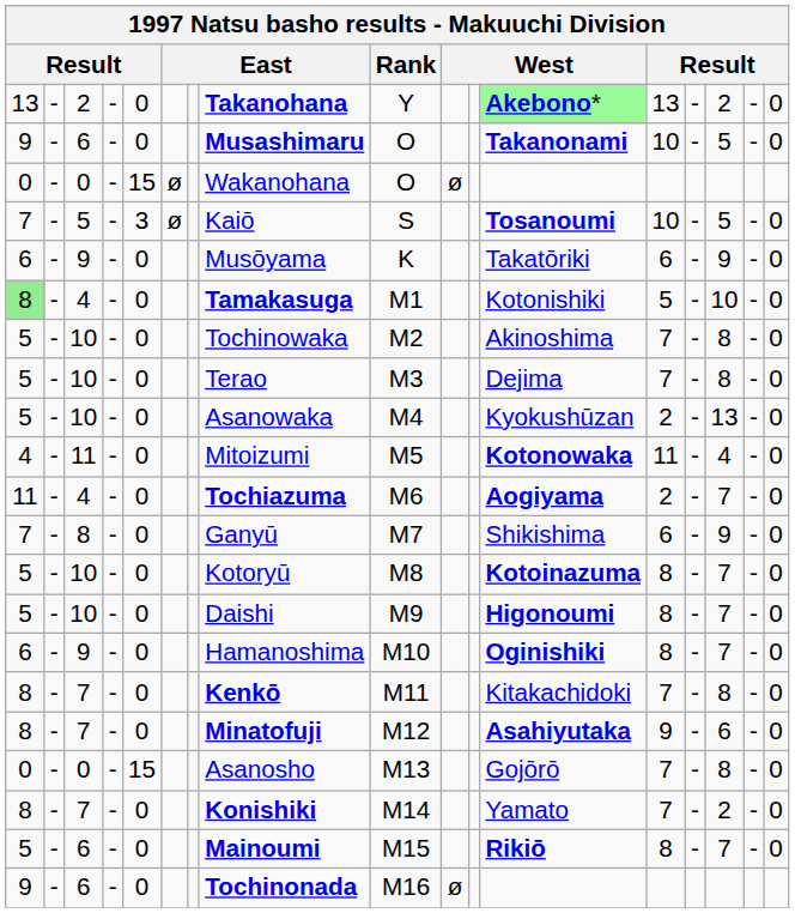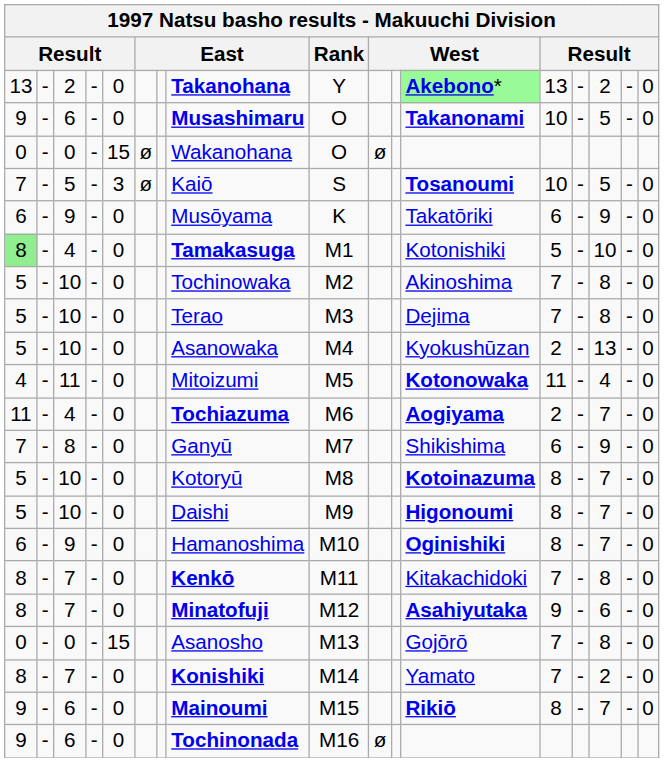 <table class="wikitable">
 <tr>
 <th colspan="17">1997 Natsu basho results - Makuuchi Division</th>
 </tr>
 <tr>
 <th colspan="5">Result</th>
 <th colspan="3">East</th>
 <th>Rank</th>
 <th colspan="3">West</th>
 <th colspan="5">Result</th>
 </tr>
 <tr>
 <td align=center>13</td>
 <td align=center>-</td>
 <td align=center>2</td>
 <td align=center>-</td>
 <td align=center>0</td>
 <td align=center></td>
 <td align=center></td>
 <td><strong><a href='#'>Takanohana</a></strong></td>
 <td align=center>Y</td>
 <td align=center></td>
 <td align=center></td>
 <td style="background: PaleGreen;"><strong><a href='#'>Akebono</a></strong>*</td>
 <td align=center>13</td>
 <td align=center>-</td>
 <td align=center>2</td>
 <td align=center>-</td>
 <td align=center>0</td>
 </tr>
 <tr>
 <td align=center>9</td>
 <td align=center>-</td>
 <td align=center>6</td>
 <td align=center>-</td>
 <td align=center>0</td>
 <td align=center></td>
 <td align=center></td>
 <td><strong><a href='#'>Musashimaru</a></strong></td>
 <td align=center>O</td>
 <td align=center></td>
 <td align=center></td>
 <td><strong><a href='#'>Takanonami</a></strong></td>
 <td align=center>10</td>
 <td align=center>-</td>
 <td align=center>5</td>
 <td align=center>-</td>
 <td align=center>0</td>
 </tr>
 <tr>
 <td align=center>0</td>
 <td align=center>-</td>
 <td align=center>0</td>
 <td align=center>-</td>
 <td align=center>15</td>
 <td align=center>ø</td>
 <td align=center></td>
 <td><a href='#'>Wakanohana</a></td>
 <td align=center>O</td>
 <td align=center>ø</td>
 <td align=center></td>
 <td></td>
 <td align=center></td>
 <td align=center></td>
 <td align=center></td>
 <td align=center></td>
 <td align=center></td>
 </tr>
 <tr>
 <td align=center>7</td>
 <td align=center>-</td>
 <td align=center>5</td>
 <td align=center>-</td>
 <td align=center>3</td>
 <td align=center>ø</td>
 <td align=center></td>
 <td><a href='#'>Kaiō</a></td>
 <td align=center>S</td>
 <td align=center></td>
 <td align=center></td>
 <td><strong><a href='#'>Tosanoumi</a></strong></td>
 <td align=center>10</td>
 <td align=center>-</td>
 <td align=center>5</td>
 <td align=center>-</td>
 <td align=center>0</td>
 </tr>
 <tr>
 <td align=center>6</td>
 <td align=center>-</td>
 <td align=center>9</td>
 <td align=center>-</td>
 <td align=center>0</td>
 <td align=center></td>
 <td align=center></td>
 <td><a href='#'>Musōyama</a></td>
 <td align=center>K</td>
 <td align=center></td>
 <td align=center></td>
 <td><a href='#'>Takatōriki</a></td>
 <td align=center>6</td>
 <td align=center>-</td>
 <td align=center>9</td>
 <td align=center>-</td>
 <td align=center>0</td>
 </tr>
 <tr>
 <td align=center style="background: lightgreen;">8</td>
 <td align=center>-</td>
 <td align=center>4</td>
 <td align=center>-</td>
 <td align=center>0</td>
 <td align=center></td>
 <td align=center></td>
 <td><strong><a href='#'>Tamakasuga</a></strong></td>
 <td align=center>M1</td>
 <td align=center></td>
 <td align=center></td>
 <td><a href='#'>Kotonishiki</a></td>
 <td align=center>5</td>
 <td align=center>-</td>
 <td align=center>10</td>
 <td align=center>-</td>
 <td align=center>0</td>
 </tr>
 <tr>
 <td align=center>5</td>
 <td align=center>-</td>
 <td align=center>10</td>
 <td align=center>-</td>
 <td align=center>0</td>
 <td align=center></td>
 <td align=center></td>
 <td><a href='#'>Tochinowaka</a></td>
 <td align=center>M2</td>
 <td align=center></td>
 <td align=center></td>
 <td><a href='#'>Akinoshima</a></td>
 <td align=center>7</td>
 <td align=center>-</td>
 <td align=center>8</td>
 <td align=center>-</td>
 <td align=center>0</td>
 </tr>
 <tr>
 <td align=center>5</td>
 <td align=center>-</td>
 <td align=center>10</td>
 <td align=center>-</td>
 <td align=center>0</td>
 <td align=center></td>
 <td align=center></td>
 <td><a href='#'>Terao</a></td>
 <td align=center>M3</td>
 <td align=center></td>
 <td align=center></td>
 <td><a href='#'>Dejima</a></td>
 <td align=center>7</td>
 <td align=center>-</td>
 <td align=center>8</td>
 <td align=center>-</td>
 <td align=center>0</td>
 </tr>
 <tr>
 <td align=center>5</td>
 <td align=center>-</td>
 <td align=center>10</td>
 <td align=center>-</td>
 <td align=center>0</td>
 <td align=center></td>
 <td align=center></td>
 <td><a href='#'>Asanowaka</a></td>
 <td align=center>M4</td>
 <td align=center></td>
 <td align=center></td>
 <td><a href='#'>Kyokushūzan</a></td>
 <td align=center>2</td>
 <td align=center>-</td>
 <td align=center>13</td>
 <td align=center>-</td>
 <td align=center>0</td>
 </tr>
 <tr>
 <td align=center>4</td>
 <td align=center>-</td>
 <td align=center>11</td>
 <td align=center>-</td>
 <td align=center>0</td>
 <td align=center></td>
 <td align=center></td>
 <td><a href='#'>Mitoizumi</a></td>
 <td align=center>M5</td>
 <td align=center></td>
 <td align=center></td>
 <td><strong><a href='#'>Kotonowaka</a></strong></td>
 <td align=center>11</td>
 <td align=center>-</td>
 <td align=center>4</td>
 <td align=center>-</td>
 <td align=center>0</td>
 </tr>
 <tr>
 <td align=center>11</td>
 <td align=center>-</td>
 <td align=center>4</td>
 <td align=center>-</td>
 <td align=center>0</td>
 <td align=center></td>
 <td align=center></td>
 <td><strong><a href='#'>Tochiazuma</a></strong></td>
 <td align=center>M6</td>
 <td align=center></td>
 <td align=center></td>
 <td><strong><a href='#'>Aogiyama</a></strong></td>
 <td align=center>2</td>
 <td align=center>-</td>
 <td align=center>7</td>
 <td align=center>-</td>
 <td align=center>0</td>
 </tr>
 <tr>
 <td align=center>7</td>
 <td align=center>-</td>
 <td align=center>8</td>
 <td align=center>-</td>
 <td align=center>0</td>
 <td align=center></td>
 <td align=center></td>
 <td><a href='#'>Ganyū</a></td>
 <td align=center>M7</td>
 <td align=center></td>
 <td align=center></td>
 <td><a href='#'>Shikishima</a></td>
 <td align=center>6</td>
 <td align=center>-</td>
 <td align=center>9</td>
 <td align=center>-</td>
 <td align=center>0</td>
 </tr>
 <tr>
 <td align=center>5</td>
 <td align=center>-</td>
 <td align=center>10</td>
 <td align=center>-</td>
 <td align=center>0</td>
 <td align=center></td>
 <td align=center></td>
 <td><a href='#'>Kotoryū</a></td>
 <td align=center>M8</td>
 <td align=center></td>
 <td align=center></td>
 <td><strong><a href='#'>Kotoinazuma</a></strong></td>
 <td align=center>8</td>
 <td align=center>-</td>
 <td align=center>7</td>
 <td align=center>-</td>
 <td align=center>0</td>
 </tr>
 <tr>
 <td align=center>5</td>
 <td align=center>-</td>
 <td align=center>10</td>
 <td align=center>-</td>
 <td align=center>0</td>
 <td align=center></td>
 <td align=center></td>
 <td><a href='#'>Daishi</a></td>
 <td align=center>M9</td>
 <td align=center></td>
 <td align=center></td>
 <td><strong><a href='#'>Higonoumi</a></strong></td>
 <td align=center>8</td>
 <td align=center>-</td>
 <td align=center>7</td>
 <td align=center>-</td>
 <td align=center>0</td>
 </tr>
 <tr>
 <td align=center>6</td>
 <td align=center>-</td>
 <td align=center>9</td>
 <td align=center>-</td>
 <td align=center>0</td>
 <td align=center></td>
 <td align=center></td>
 <td><a href='#'>Hamanoshima</a></td>
 <td align=center>M10</td>
 <td align=center></td>
 <td align=center></td>
 <td><strong><a href='#'>Oginishiki</a></strong></td>
 <td align=center>8</td>
 <td align=center>-</td>
 <td align=center>7</td>
 <td align=center>-</td>
 <td align=center>0</td>
 </tr>
 <tr>
 <td align=center>8</td>
 <td align=center>-</td>
 <td align=center>7</td>
 <td align=center>-</td>
 <td align=center>0</td>
 <td align=center></td>
 <td align=center></td>
 <td><strong><a href='#'>Kenkō</a></strong></td>
 <td align=center>M11</td>
 <td align=center></td>
 <td align=center></td>
 <td><a href='#'>Kitakachidoki</a></td>
 <td align=center>7</td>
 <td align=center>-</td>
 <td align=center>8</td>
 <td align=center>-</td>
 <td align=center>0</td>
 </tr>
 <tr>
 <td align=center>8</td>
 <td align=center>-</td>
 <td align=center>7</td>
 <td align=center>-</td>
 <td align=center>0</td>
 <td align=center></td>
 <td align=center></td>
 <td><strong><a href='#'>Minatofuji</a></strong></td>
 <td align=center>M12</td>
 <td align=center></td>
 <td align=center></td>
 <td><strong><a href='#'>Asahiyutaka</a></strong></td>
 <td align=center>9</td>
 <td align=center>-</td>
 <td align=center>6</td>
 <td align=center>-</td>
 <td align=center>0</td>
 </tr>
 <tr>
 <td align=center>0</td>
 <td align=center>-</td>
 <td align=center>0</td>
 <td align=center>-</td>
 <td align=center>15</td>
 <td align=center></td>
 <td align=center></td>
 <td><a href='#'>Asanosho</a></td>
 <td align=center>M13</td>
 <td align=center></td>
 <td align=center></td>
 <td><a href='#'>Gojōrō</a></td>
 <td align=center>7</td>
 <td align=center>-</td>
 <td align=center>8</td>
 <td align=center>-</td>
 <td align=center>0</td>
 </tr>
 <tr>
 <td align=center>8</td>
 <td align=center>-</td>
 <td align=center>7</td>
 <td align=center>-</td>
 <td align=center>0</td>
 <td align=center></td>
 <td align=center></td>
 <td><strong><a href='#'>Konishiki</a></strong></td>
 <td align=center>M14</td>
 <td align=center></td>
 <td align=center></td>
 <td><a href='#'>Yamato</a></td>
 <td align=center>7</td>
 <td align=center>-</td>
 <td align=center>2</td>
 <td align=center>-</td>
 <td align=center>0</td>
 </tr>
 <tr>
-<td align=center>5</td>
+<td align=center>9</td>
 <td align=center>-</td>
 <td align=center>6</td>
 <td align=center>-</td>
 <td align=center>0</td>
 <td align=center></td>
 <td align=center></td>
 <td><strong><a href='#'>Mainoumi</a></strong></td>
 <td align=center>M15</td>
 <td align=center></td>
 <td align=center></td>
 <td><strong><a href='#'>Rikiō</a></strong></td>
 <td align=center>8</td>
 <td align=center>-</td>
 <td align=center>7</td>
 <td align=center>-</td>
 <td align=center>0</td>
 </tr>
 <tr>
 <td align=center>9</td>
 <td align=center>-</td>
 <td align=center>6</td>
 <td align=center>-</td>
 <td align=center>0</td>
 <td align=center></td>
 <td align=center></td>
 <td><strong><a href='#'>Tochinonada</a></strong></td>
 <td align=center>M16</td>
 <td align=center>ø</td>
 <td align=center></td>
 <td></td>
 <td align=center></td>
 <td align=center></td>
 <td align=center></td>
 <td align=center></td>
 <td align=center></td>
 </tr>
 </table>
